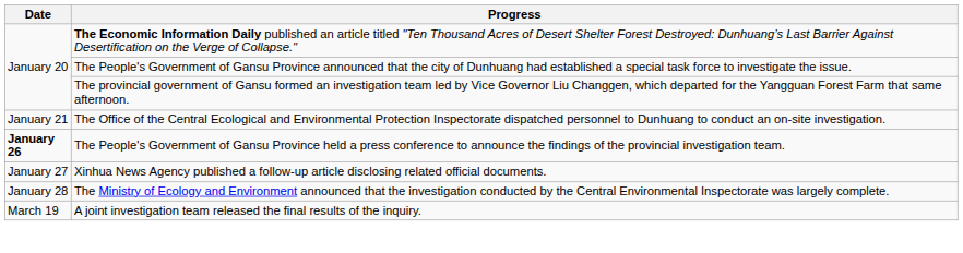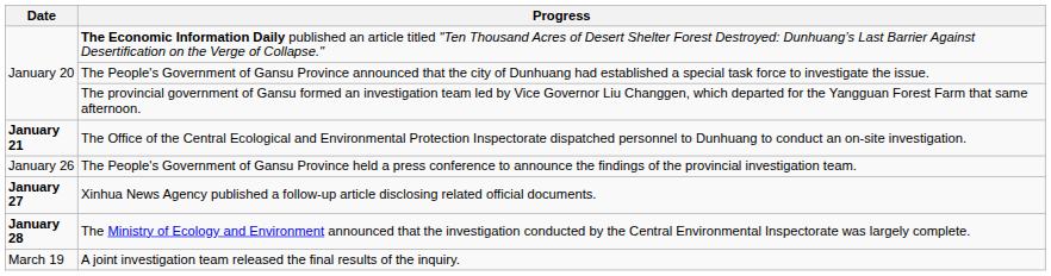 <table class="wikitable">
 <tr>
 <th>Date</th>
 <th>Progress</th>
 </tr>
 <tr>
 <td rowspan="3">January 20</td>
 <td><strong>The Economic Information Daily</strong> published an article titled <em>"Ten Thousand Acres of Desert Shelter Forest Destroyed: Dunhuang’s Last Barrier Against Desertification on the Verge of Collapse."</em></td>
 </tr>
 <tr>
 <td>The People's Government of Gansu Province announced that the city of Dunhuang had established a special task force to investigate the issue.</td>
 </tr>
 <tr>
 <td>The provincial government of Gansu formed an investigation team led by Vice Governor Liu Changgen, which departed for the Yangguan Forest Farm that same afternoon.</td>
 </tr>
 <tr>
-<td>January 21</td>
+<td><strong>January 21</strong></td>
 <td>The Office of the Central Ecological and Environmental Protection Inspectorate dispatched personnel to Dunhuang to conduct an on-site investigation.</td>
 </tr>
 <tr>
-<td><strong>January 26</strong></td>
+<td>January 26</td>
 <td>The People's Government of Gansu Province held a press conference to announce the findings of the provincial investigation team.</td>
 </tr>
 <tr>
-<td>January 27</td>
+<td><strong>January 27</strong></td>
 <td>Xinhua News Agency published a follow-up article disclosing related official documents.</td>
 </tr>
 <tr>
-<td>January 28</td>
+<td><strong>January 28</strong></td>
 <td>The <a href='#'>Ministry of Ecology and Environment</a> announced that the investigation conducted by the Central Environmental Inspectorate was largely complete.</td>
 </tr>
 <tr>
 <td>March 19</td>
 <td>A joint investigation team released the final results of the inquiry.</td>
 </tr>
 </table>
